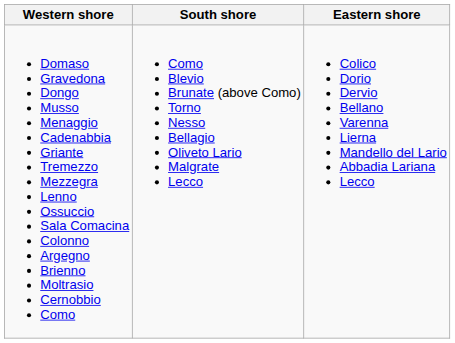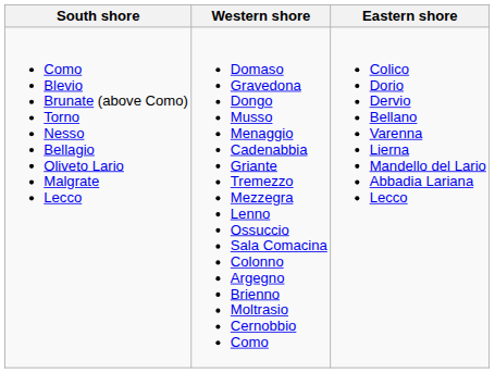 <table class=wikitable>
 <tr>
+<th>South shore <br></th>
 <th>Western shore <br></th>
-<th>South shore <br></th>
 <th>Eastern shore <br></th>
 </tr>
 <tr valign=top>
+<td><br><ul><li><a href='#'>Como</a></li><li><a href='#'>Blevio</a></li><li><a href='#'>Brunate</a> (above Como)</li><li><a href='#'>Torno</a></li><li><a href='#'>Nesso</a></li><li><a href='#'>Bellagio</a></li><li><a href='#'>Oliveto Lario</a></li><li><a href='#'>Malgrate</a></li><li><a href='#'>Lecco</a></li></ul></td>
 <td><br><ul><li><a href='#'>Domaso</a></li><li><a href='#'>Gravedona</a></li><li><a href='#'>Dongo</a></li><li><a href='#'>Musso</a></li><li><a href='#'>Menaggio</a></li><li><a href='#'>Cadenabbia</a></li><li><a href='#'>Griante</a></li><li><a href='#'>Tremezzo</a></li><li><a href='#'>Mezzegra</a></li><li><a href='#'>Lenno</a></li><li><a href='#'>Ossuccio</a></li><li><a href='#'>Sala Comacina</a></li><li><a href='#'>Colonno</a></li><li><a href='#'>Argegno</a></li><li><a href='#'>Brienno</a></li><li><a href='#'>Moltrasio</a></li><li><a href='#'>Cernobbio</a></li><li><a href='#'>Como</a></li></ul></td>
-<td><br><ul><li><a href='#'>Como</a></li><li><a href='#'>Blevio</a></li><li><a href='#'>Brunate</a> (above Como)</li><li><a href='#'>Torno</a></li><li><a href='#'>Nesso</a></li><li><a href='#'>Bellagio</a></li><li><a href='#'>Oliveto Lario</a></li><li><a href='#'>Malgrate</a></li><li><a href='#'>Lecco</a></li></ul></td>
 <td><br><ul><li><a href='#'>Colico</a></li><li><a href='#'>Dorio</a></li><li><a href='#'>Dervio</a></li><li><a href='#'>Bellano</a></li><li><a href='#'>Varenna</a></li><li><a href='#'>Lierna</a></li><li><a href='#'>Mandello del Lario</a></li><li><a href='#'>Abbadia Lariana</a></li><li><a href='#'>Lecco</a></li></ul></td>
 </tr>
 </table>
